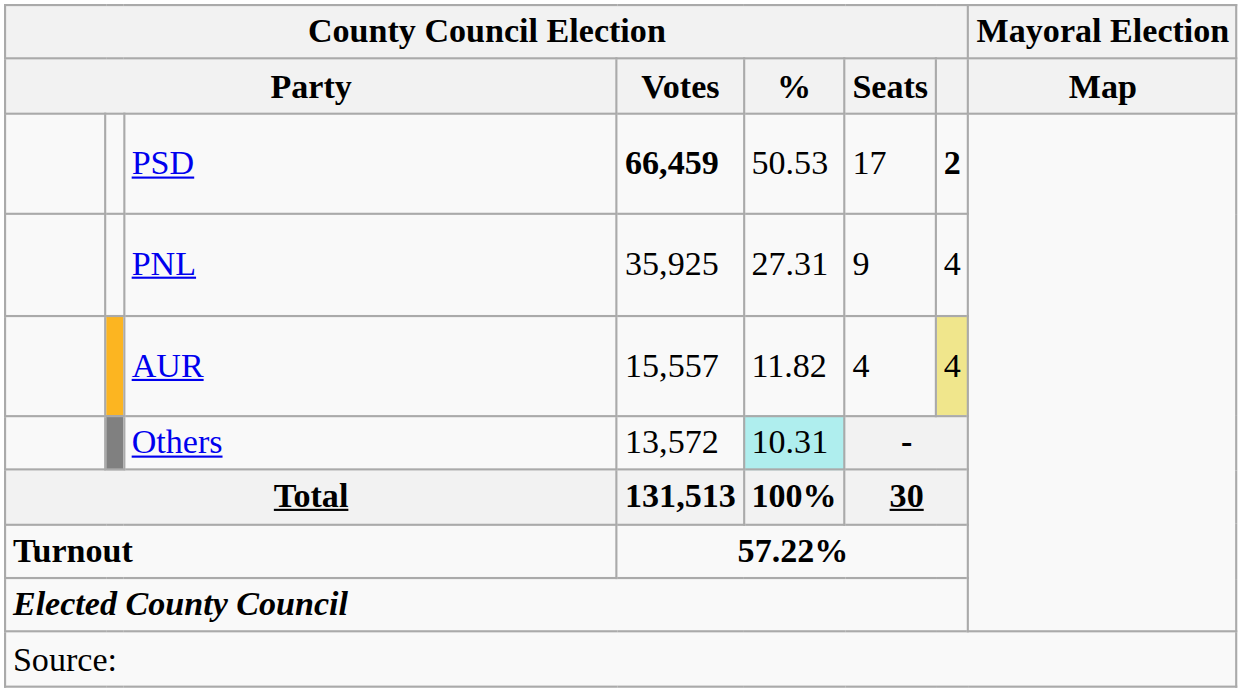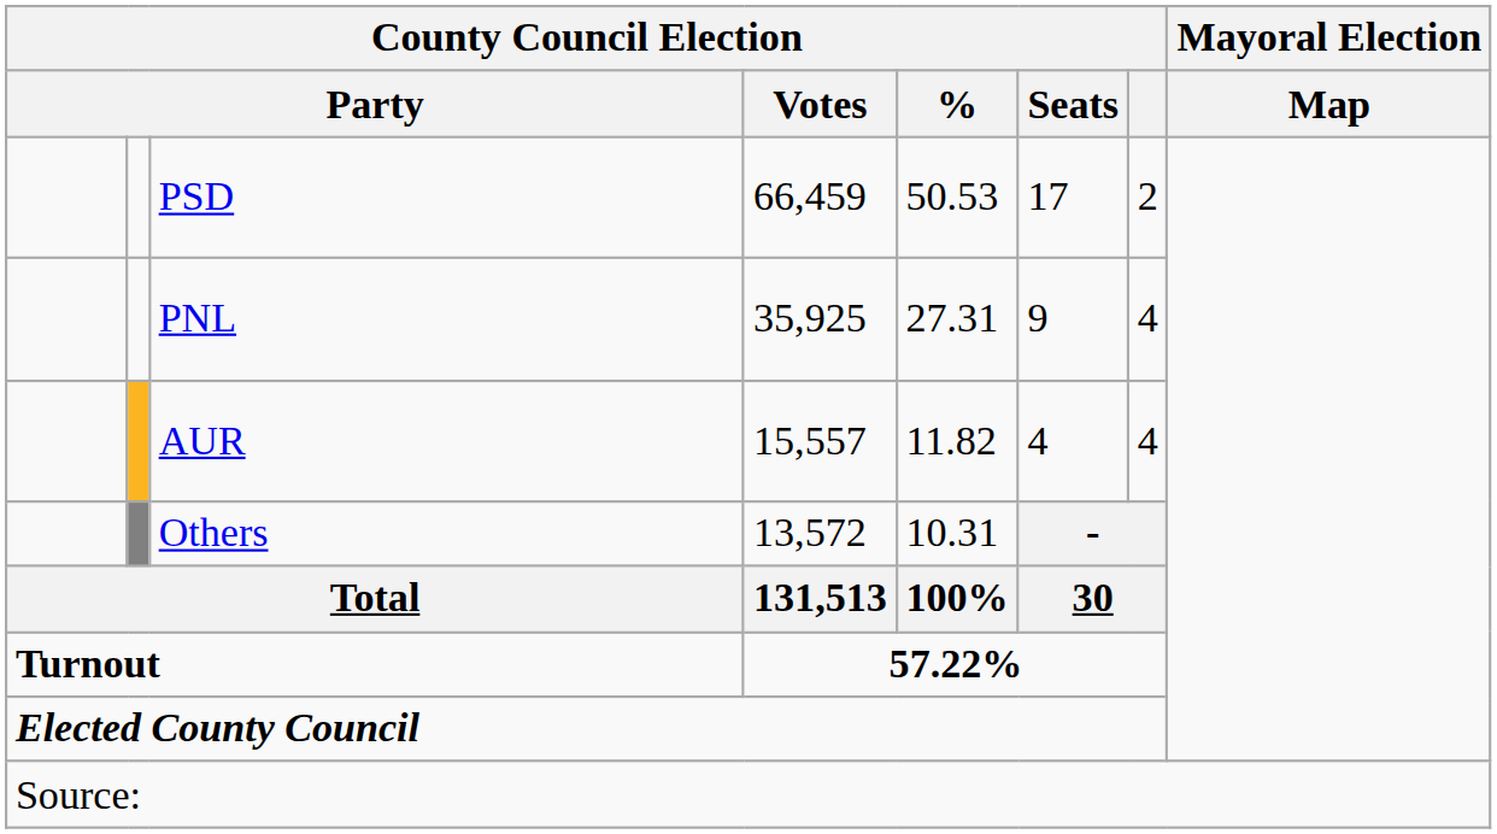 <table class="wikitable" style="text-align:left">
 <tr>
 <th colspan="7">County Council Election</th>
 <th>Mayoral Election</th>
 </tr>
 <tr>
 <th colspan="3" width="280">Party</th>
 <th>Votes</th>
 <th>%</th>
 <th>Seats</th>
 <th></th>
 <th>Map</th>
 </tr>
 <tr>
 <td width="40" height="40"></td>
 <td style="color:inherit;background:"></td>
 <td align="left"><a href='#'>PSD</a></td>
-<td><strong>66,459</strong></td>
+<td>66,459</td>
 <td>50.53</td>
 <td>17</td>
-<td><strong>2</strong></td>
+<td>2</td>
 <td rowspan="7"></td>
 </tr>
 <tr>
 <td height="40"></td>
 <td width="1" style="color:inherit;background:"></td>
 <td align="left"><a href='#'>PNL</a></td>
 <td>35,925</td>
 <td>27.31</td>
 <td>9</td>
 <td>4</td>
 </tr>
 <tr>
 <td height="40"></td>
 <td style="background:#FCB521;"></td>
 <td align="left"><a href='#'>AUR</a></td>
 <td>15,557</td>
 <td>11.82</td>
 <td>4</td>
-<td style="background: khaki;">4</td>
+<td>4</td>
 </tr>
 <tr>
 <td></td>
 <td style="background-color:Grey "></td>
 <td align="left"><a href='#'>Others</a></td>
 <td>13,572</td>
-<td style="background: paleturquoise;">10.31</td>
+<td>10.31</td>
 <th colspan="2">-</th>
 </tr>
 <tr>
 <th colspan="3"><strong><u>Total</u></strong></th>
 <th style="text-align:left">131,513</th>
 <th style="text-align:left">100%</th>
 <th colspan="2"><strong><u>30</u></strong></th>
 </tr>
 <tr>
 <td colspan="3"><strong>Turnout</strong></td>
 <td colspan="4" style="text-align: center"><strong>57.22%</strong></td>
 </tr>
 <tr>
 <td colspan="7"><strong><em>Elected County Council</em></strong></td>
 </tr>
 <tr>
 <td colspan="8">Source: </td>
 </tr>
 </table>
